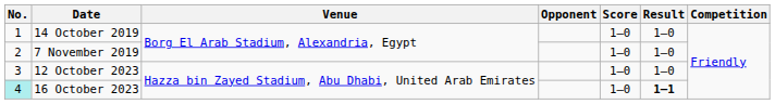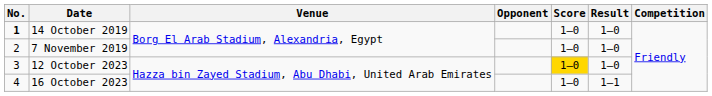 <table class="wikitable sortable">
 <tr>
 <th>No.</th>
 <th>Date</th>
 <th>Venue</th>
 <th>Opponent</th>
 <th>Score</th>
 <th>Result</th>
 <th>Competition</th>
 </tr>
 <tr>
-<td align=center>1</td>
+<td align=center><strong>1</strong></td>
 <td>14 October 2019</td>
 <td rowspan=2><a href='#'>Borg El Arab Stadium</a>, <a href='#'>Alexandria</a>, Egypt</td>
 <td></td>
 <td align=center>1–0</td>
 <td align=center>1–0</td>
 <td rowspan=4><a href='#'>Friendly</a></td>
 </tr>
 <tr>
 <td align=center>2</td>
 <td>7 November 2019</td>
 <td></td>
 <td align=center>1–0</td>
 <td align=center>1–0</td>
 </tr>
 <tr>
 <td align=center>3</td>
 <td>12 October 2023</td>
 <td rowspan=2><a href='#'>Hazza bin Zayed Stadium</a>, <a href='#'>Abu Dhabi</a>, United Arab Emirates</td>
 <td></td>
-<td align=center>1–0</td>
+<td align=center style="background: gold;">1–0</td>
 <td align=center>1–0</td>
 </tr>
 <tr>
-<td align=center style="background: paleturquoise;">4</td>
+<td align=center>4</td>
 <td>16 October 2023</td>
 <td></td>
 <td align=center>1–0</td>
-<td align=center><strong>1–1</strong></td>
+<td align=center>1–1</td>
 </tr>
 </table>
